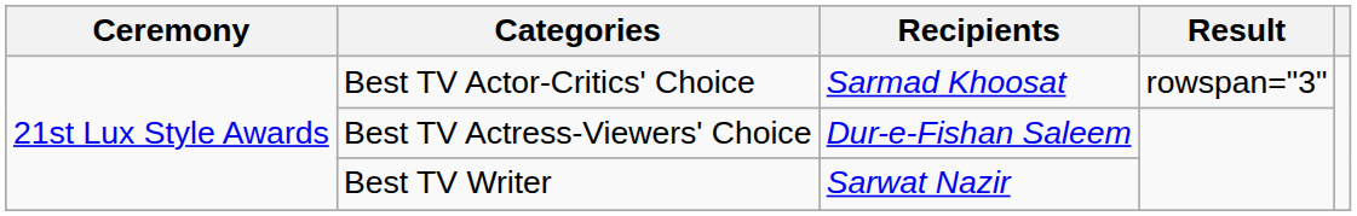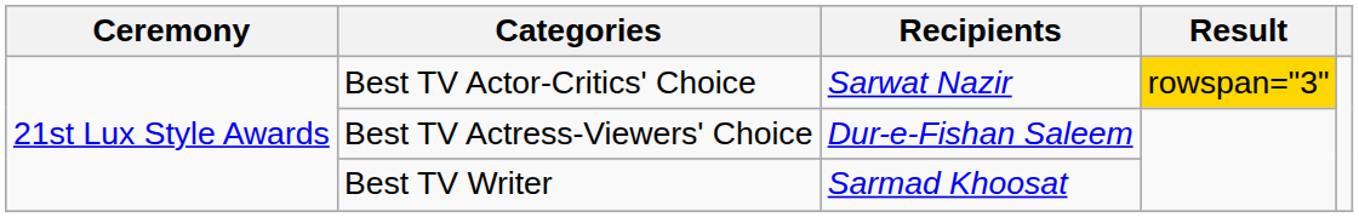 <table class="wikitable style">
 <tr>
 <th>Ceremony</th>
 <th>Categories</th>
 <th>Recipients</th>
 <th>Result</th>
 <th></th>
 </tr>
 <tr>
 <td rowspan="7"><a href='#'>21st Lux Style Awards</a></td>
 <td>Best TV Actor-Critics' Choice</td>
-<td><em><a href='#'>Sarmad Khoosat</a></em></td>
-<td>rowspan="3" </td>
+<td><em><a href='#'>Sarwat Nazir</a></em></td>
+<td style="background: gold;">rowspan="3" </td>
 <td rowspan="3"></td>
 </tr>
 <tr>
 <td>Best TV Actress-Viewers' Choice</td>
 <td><em><a href='#'>Dur-e-Fishan Saleem</a></em></td>
 </tr>
 <tr>
 <td>Best TV Writer</td>
-<td><em><a href='#'>Sarwat Nazir</a></em></td>
+<td><em><a href='#'>Sarmad Khoosat</a></em></td>
 </tr>
 </table>
